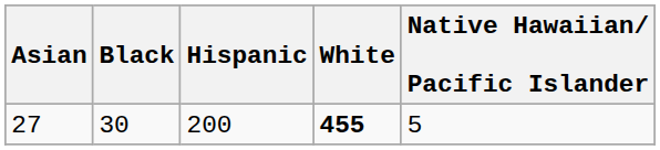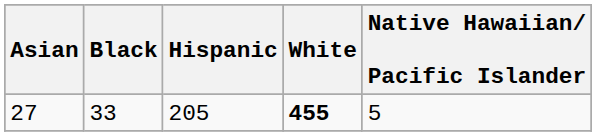 <table class="wikitable">
 <tr>
 <th>Asian</th>
 <th>Black</th>
 <th>Hispanic</th>
 <th>White</th>
 <th>Native Hawaiian/<br><br>Pacific Islander</th>
 </tr>
 <tr>
 <td>27</td>
-<td>30</td>
-<td>200</td>
+<td>33</td>
+<td>205</td>
 <td><strong>455</strong></td>
 <td>5</td>
 </tr>
 </table>
